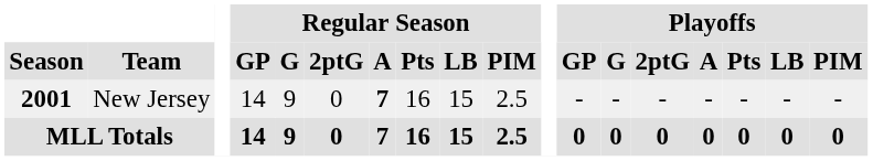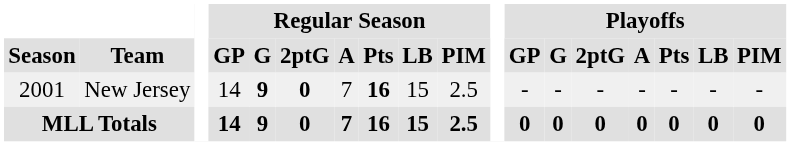 <table BORDER="0" CELLPADDING="3" CELLSPACING="0">
 <tr ALIGN="center" bgcolor="#e0e0e0">
 <th colspan="2" bgcolor="#ffffff"> </th>
 <th rowspan="99" bgcolor="#ffffff"> </th>
 <th colspan="7">Regular Season</th>
 <th rowspan="99" bgcolor="#ffffff"> </th>
 <th colspan="7">Playoffs</th>
 </tr>
 <tr ALIGN="center" bgcolor="#e0e0e0">
 <th>Season</th>
 <th>Team</th>
 <th>GP</th>
 <th>G</th>
 <th>2ptG</th>
 <th>A</th>
 <th>Pts</th>
 <th>LB</th>
 <th>PIM</th>
 <th>GP</th>
 <th>G</th>
 <th>2ptG</th>
 <th>A</th>
 <th>Pts</th>
 <th>LB</th>
 <th>PIM</th>
 </tr>
 <tr ALIGN="center" bgcolor="#f0f0f0">
-<td><strong>2001</strong></td>
+<td>2001</td>
 <td>New Jersey</td>
 <td>14</td>
-<td>9</td>
-<td>0</td>
-<td><strong>7</strong></td>
-<td>16</td>
+<td><strong>9</strong></td>
+<td><strong>0</strong></td>
+<td>7</td>
+<td><strong>16</strong></td>
 <td>15</td>
 <td>2.5</td>
 <td>-</td>
 <td>-</td>
 <td>-</td>
 <td>-</td>
 <td>-</td>
 <td>-</td>
 <td>-</td>
 </tr>
 <tr ALIGN="center" bgcolor="#e0e0e0">
 <th colspan="2">MLL Totals</th>
 <th>14</th>
 <th>9</th>
 <th>0</th>
 <th>7</th>
 <th>16</th>
 <th>15</th>
 <th>2.5</th>
 <th>0</th>
 <th>0</th>
 <th>0</th>
 <th>0</th>
 <th>0</th>
 <th>0</th>
 <th>0</th>
 </tr>
 </table>
